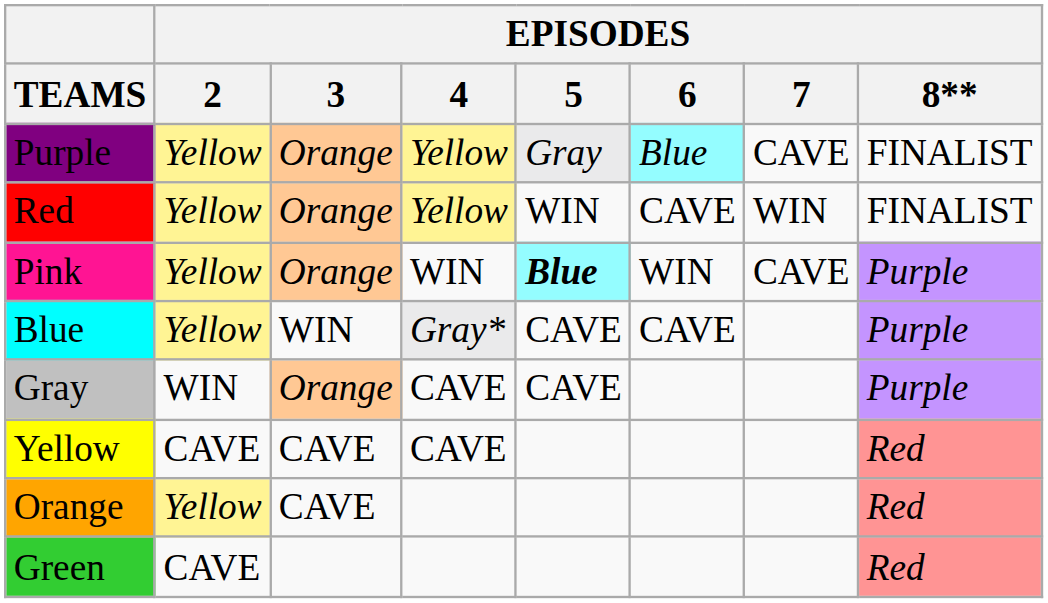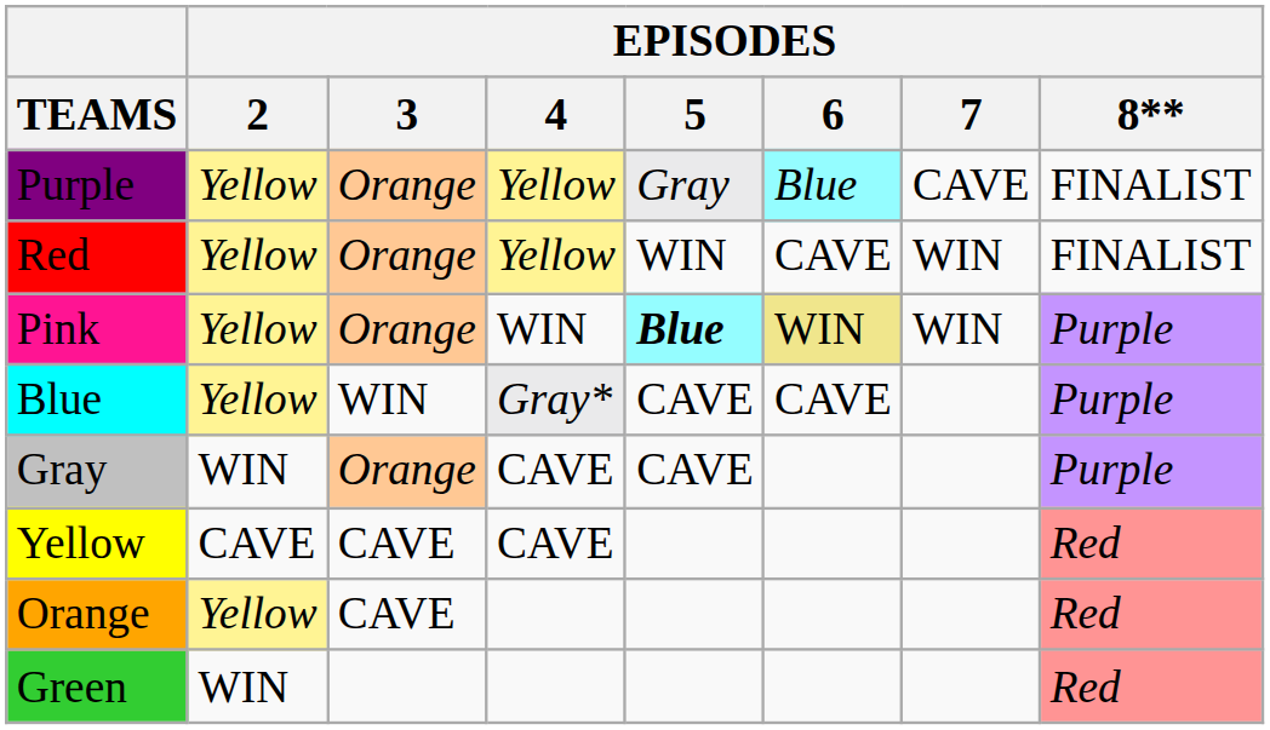 <table class="wikitable">
 <tr>
 <th></th>
 <th colspan="7">EPISODES</th>
 </tr>
 <tr>
 <th>TEAMS</th>
 <th>2</th>
 <th>3</th>
 <th>4</th>
 <th>5</th>
 <th>6</th>
 <th>7</th>
 <th>8**</th>
 </tr>
 <tr>
 <td style="background:purple">Purple</td>
 <td style="background:#fff494;"><em>Yellow</em></td>
 <td style="background:#ffc894"><em>Orange</em></td>
 <td style="background:#fff494;"><em>Yellow</em></td>
 <td style="background:#eaeaeb"><em>Gray</em></td>
 <td style="background:#94fdff"><em>Blue</em></td>
 <td>CAVE</td>
 <td>FINALIST</td>
 </tr>
 <tr>
 <td style="background:red">Red</td>
 <td style="background:#fff494;"><em>Yellow</em></td>
 <td style="background:#ffc894"><em>Orange</em></td>
 <td style="background:#fff494"><em>Yellow</em></td>
 <td>WIN</td>
 <td>CAVE</td>
 <td>WIN</td>
 <td>FINALIST</td>
 </tr>
 <tr>
 <td style="background:deeppink">Pink</td>
 <td style="background:#fff494;"><em>Yellow</em></td>
 <td style="background:#ffc894"><em>Orange</em></td>
 <td>WIN</td>
 <td style="background:#94fdff"><strong><em>Blue</em></strong></td>
+<td style="background: khaki;">WIN</td>
 <td>WIN</td>
-<td>CAVE</td>
 <td style="background:#c494ff"><em>Purple</em></td>
 </tr>
 <tr>
 <td style="background:cyan">Blue</td>
 <td style="background:#fff494;"><em>Yellow</em></td>
 <td>WIN</td>
 <td style="background:#eaeaeb"><em>Gray*</em></td>
 <td>CAVE</td>
 <td>CAVE</td>
 <td></td>
 <td style="background:#c494ff"><em>Purple</em></td>
 </tr>
 <tr>
 <td style="background:silver">Gray</td>
 <td>WIN</td>
 <td style="background:#ffc894"><em>Orange</em></td>
 <td>CAVE</td>
 <td>CAVE</td>
 <td></td>
 <td></td>
 <td style="background:#c494ff"><em>Purple</em></td>
 </tr>
 <tr>
 <td style="background:yellow">Yellow</td>
 <td>CAVE</td>
 <td>CAVE</td>
 <td>CAVE</td>
 <td></td>
 <td></td>
 <td></td>
 <td style="background:#ff9494;"><em>Red</em></td>
 </tr>
 <tr>
 <td style="background:orange">Orange</td>
 <td style="background:#fff494;"><em>Yellow</em></td>
 <td>CAVE</td>
 <td></td>
 <td></td>
 <td></td>
 <td></td>
 <td style="background:#ff9494;"><em>Red</em></td>
 </tr>
 <tr>
 <td style="background:limegreen">Green</td>
-<td>CAVE</td>
+<td>WIN</td>
 <td></td>
 <td></td>
 <td></td>
 <td></td>
 <td></td>
 <td style="background:#ff9494;"><em>Red</em></td>
 </tr>
 </table>
